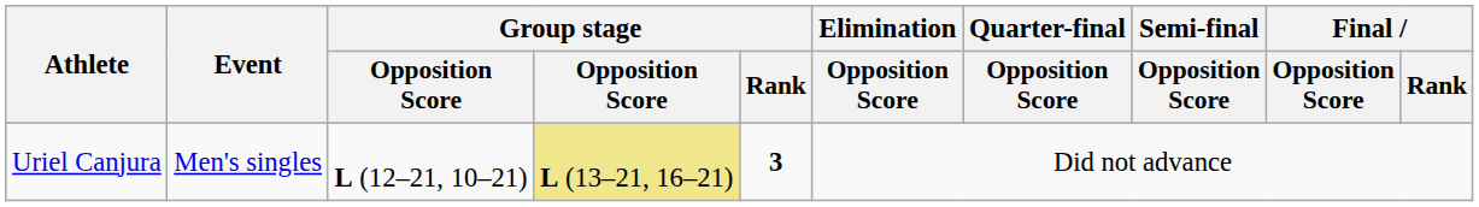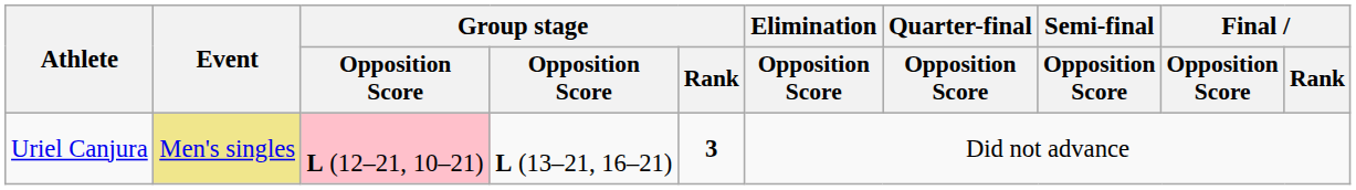 <table class="wikitable" style="font-size:90%">
 <tr>
 <th rowspan="2">Athlete</th>
 <th rowspan="2">Event</th>
 <th colspan="3">Group stage</th>
 <th>Elimination</th>
 <th>Quarter-final</th>
 <th>Semi-final</th>
 <th colspan="2">Final / </th>
 </tr>
 <tr style="font-size:95%">
 <th>Opposition<br>Score</th>
 <th>Opposition<br>Score</th>
 <th>Rank</th>
 <th>Opposition<br>Score</th>
 <th>Opposition<br>Score</th>
 <th>Opposition<br>Score</th>
 <th>Opposition<br>Score</th>
 <th>Rank</th>
 </tr>
 <tr align="center">
 <td align="left"><a href='#'>Uriel Canjura</a></td>
-<td align="left"><a href='#'>Men's singles</a></td>
-<td><br><strong>L</strong> (12–21, 10–21)</td>
-<td style="background: khaki;"><br><strong>L</strong> (13–21, 16–21)</td>
+<td align="left" style="background: khaki;"><a href='#'>Men's singles</a></td>
+<td style="background: pink;"><br><strong>L</strong> (12–21, 10–21)</td>
+<td><br><strong>L</strong> (13–21, 16–21)</td>
 <td><strong>3</strong></td>
 <td colspan=5>Did not advance</td>
 </tr>
 </table>
